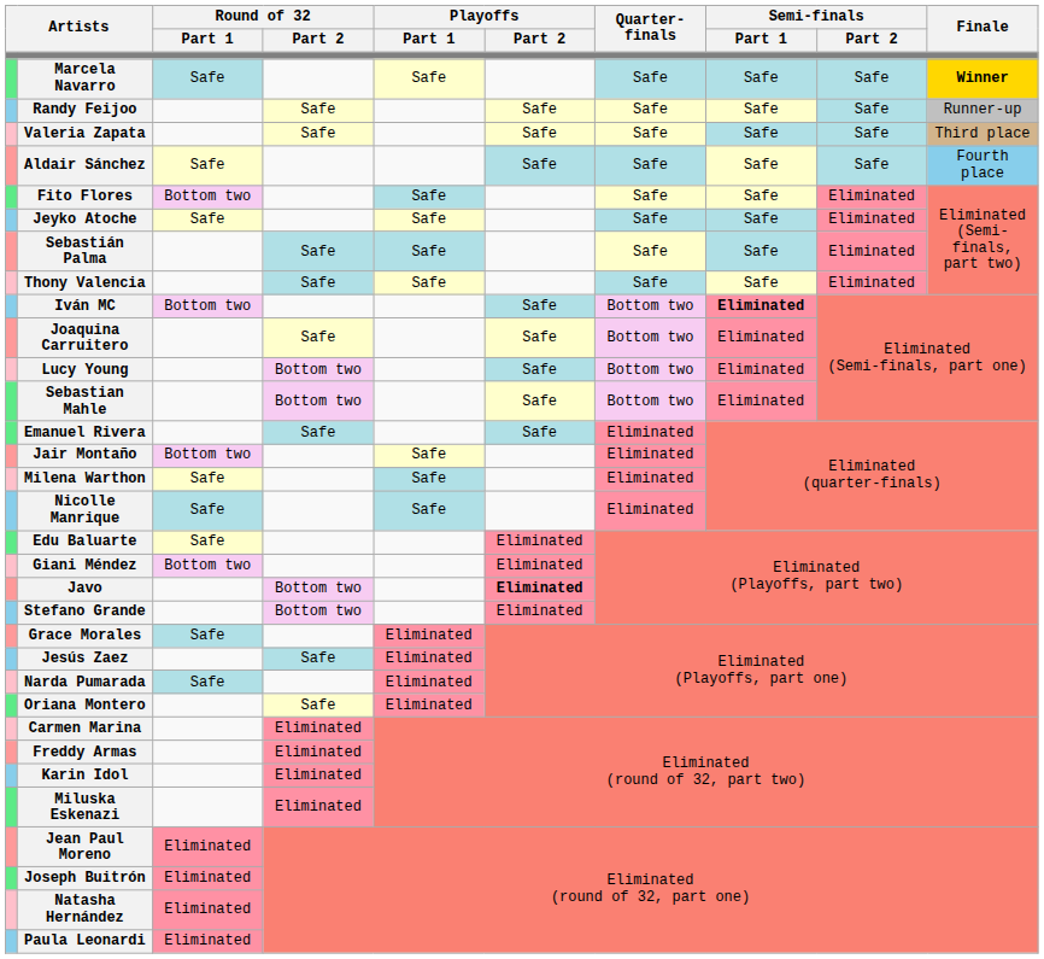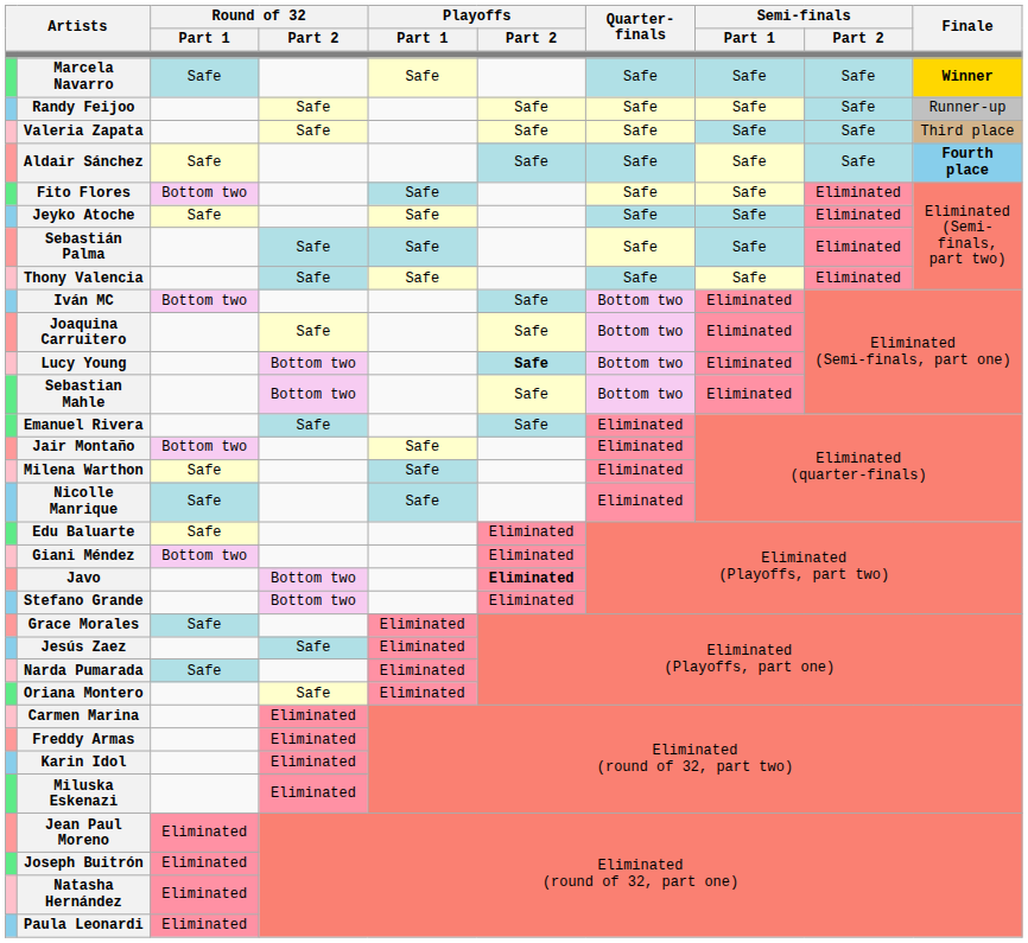 <table class="wikitable" style="text-align:center; font-size:95%; width:100%">
 <tr>
 <th rowspan="2" colspan="2">Artists</th>
 <th colspan="2" style="width:18%">Round of 32</th>
 <th colspan="2" style="width:18%">Playoffs</th>
 <th rowspan="2" style="width:09%">Quarter-finals</th>
 <th colspan="2" style="width:18%">Semi-finals</th>
 <th rowspan="2" style="width:09%">Finale</th>
 </tr>
 <tr>
 <th style="width:9%">Part 1</th>
 <th style="width:9%">Part 2</th>
 <th style="width:9%">Part 1</th>
 <th style="width:9%">Part 2</th>
 <th style="width:9%">Part 1</th>
 <th style="width:9%">Part 2</th>
 </tr>
 <tr>
 <th colspan="12" style="background:gray"></th>
 </tr>
 <tr>
 <td style="background:#5deb87"></td>
 <th>Marcela Navarro</th>
 <td bgcolor="#b0e0e6">Safe</td>
 <td></td>
 <td bgcolor="#ffffcc">Safe</td>
 <td></td>
 <td bgcolor="#b0e0e6">Safe</td>
 <td bgcolor="#b0e0e6">Safe</td>
 <td bgcolor="#b0e0e6">Safe</td>
 <td bgcolor="gold"><strong>Winner</strong></td>
 </tr>
 <tr>
 <td style="background:#87ceeb"></td>
 <th>Randy Feijoo</th>
 <td></td>
 <td bgcolor="#ffffcc">Safe</td>
 <td></td>
 <td bgcolor="#ffffcc">Safe</td>
 <td bgcolor="#ffffcc">Safe</td>
 <td bgcolor="#ffffcc">Safe</td>
 <td bgcolor="#b0e0e6">Safe</td>
 <td bgcolor="Silver">Runner-up</td>
 </tr>
 <tr>
 <td style="background:pink"></td>
 <th>Valeria Zapata</th>
 <td></td>
 <td bgcolor="#ffffcc">Safe</td>
 <td></td>
 <td bgcolor="#ffffcc">Safe</td>
 <td bgcolor="#ffffcc">Safe</td>
 <td bgcolor="#b0e0e6">Safe</td>
 <td bgcolor="#b0e0e6">Safe</td>
 <td bgcolor="Tan">Third place</td>
 </tr>
 <tr>
 <td style="background:#ff9999"></td>
 <th>Aldair Sánchez</th>
 <td bgcolor="#ffffcc">Safe</td>
 <td></td>
 <td></td>
 <td bgcolor="#b0e0e6">Safe</td>
 <td bgcolor="#b0e0e6">Safe</td>
 <td bgcolor="#ffffcc">Safe</td>
 <td bgcolor="#b0e0e6">Safe</td>
-<td bgcolor="skyblue">Fourth place</td>
+<td bgcolor="skyblue"><strong>Fourth place</strong></td>
 </tr>
 <tr>
 <td style="background:#5deb87"></td>
 <th>Fito Flores</th>
 <td bgcolor="#f7ccf2">Bottom two</td>
 <td></td>
 <td bgcolor="#b0e0e6">Safe</td>
 <td></td>
 <td bgcolor="#ffffcc">Safe</td>
 <td bgcolor="#ffffcc">Safe</td>
 <td bgcolor="#FF91A4">Eliminated</td>
 <td rowspan="4" style="background: salmon">Eliminated<br>(Semi-finals, part two)</td>
 </tr>
 <tr>
 <td style="background:#87ceeb"></td>
 <th>Jeyko Atoche</th>
 <td bgcolor="#ffffcc">Safe</td>
 <td></td>
 <td bgcolor="#ffffcc">Safe</td>
 <td></td>
 <td bgcolor="#b0e0e6">Safe</td>
 <td bgcolor="#b0e0e6">Safe</td>
 <td bgcolor="#FF91A4">Eliminated</td>
 </tr>
 <tr>
 <td style="background:#ff9999"></td>
 <th>Sebastián Palma</th>
 <td></td>
 <td bgcolor="#b0e0e6">Safe</td>
 <td bgcolor="#b0e0e6">Safe</td>
 <td></td>
 <td bgcolor="#ffffcc">Safe</td>
 <td bgcolor="#b0e0e6">Safe</td>
 <td bgcolor="#FF91A4">Eliminated</td>
 </tr>
 <tr>
 <td style="background:pink"></td>
 <th>Thony Valencia</th>
 <td></td>
 <td bgcolor="#b0e0e6">Safe</td>
 <td bgcolor="#ffffcc">Safe</td>
 <td></td>
 <td bgcolor="#b0e0e6">Safe</td>
 <td bgcolor="#ffffcc">Safe</td>
 <td bgcolor="#FF91A4">Eliminated</td>
 </tr>
 <tr>
 <td style="background:#87ceeb"></td>
 <th>Iván MC</th>
 <td bgcolor="#f7ccf2">Bottom two</td>
 <td></td>
 <td></td>
 <td bgcolor="#b0e0e6">Safe</td>
 <td bgcolor="#f7ccf2">Bottom two</td>
-<td bgcolor="#FF91A4"><strong>Eliminated</strong></td>
+<td bgcolor="#FF91A4">Eliminated</td>
 <td rowspan="4" colspan="4" style="background: salmon">Eliminated<br>(Semi-finals, part one)</td>
 </tr>
 <tr>
 <td style="background:#ff9999"></td>
 <th>Joaquina Carruitero</th>
 <td></td>
 <td bgcolor="#ffffcc">Safe</td>
 <td></td>
 <td bgcolor="#ffffcc">Safe</td>
 <td bgcolor="#f7ccf2">Bottom two</td>
 <td bgcolor="#FF91A4">Eliminated</td>
 </tr>
 <tr>
 <td style="background:pink"></td>
 <th>Lucy Young</th>
 <td></td>
 <td bgcolor="#f7ccf2">Bottom two</td>
 <td></td>
-<td bgcolor="#b0e0e6">Safe</td>
+<td bgcolor="#b0e0e6"><strong>Safe</strong></td>
 <td bgcolor="#f7ccf2">Bottom two</td>
 <td bgcolor="#FF91A4">Eliminated</td>
 </tr>
 <tr>
 <td style="background:#5deb87"></td>
 <th>Sebastian Mahle</th>
 <td></td>
 <td bgcolor="#f7ccf2">Bottom two</td>
 <td></td>
 <td bgcolor="#ffffcc">Safe</td>
 <td bgcolor="#f7ccf2">Bottom two</td>
 <td bgcolor="#FF91A4">Eliminated</td>
 </tr>
 <tr>
 <td style="background:#5deb87"></td>
 <th>Emanuel Rivera</th>
 <td></td>
 <td bgcolor="#b0e0e6">Safe</td>
 <td></td>
 <td bgcolor="#b0e0e6">Safe</td>
 <td bgcolor="#FF91A4">Eliminated</td>
 <td rowspan="4" colspan="8" style="background: salmon">Eliminated<br>(quarter-finals)</td>
 </tr>
 <tr>
 <td style="background:#ff9999"></td>
 <th>Jair Montaño</th>
 <td bgcolor="#f7ccf2">Bottom two</td>
 <td></td>
 <td bgcolor="#ffffcc">Safe</td>
 <td></td>
 <td bgcolor="#FF91A4">Eliminated</td>
 </tr>
 <tr>
 <td style="background:pink"></td>
 <th>Milena Warthon</th>
 <td bgcolor="#ffffcc">Safe</td>
 <td></td>
 <td bgcolor="#b0e0e6">Safe</td>
 <td></td>
 <td bgcolor="#FF91A4">Eliminated</td>
 </tr>
 <tr>
 <td style="background:#87ceeb"></td>
 <th>Nicolle Manrique</th>
 <td bgcolor="#b0e0e6">Safe</td>
 <td></td>
 <td bgcolor="#b0e0e6">Safe</td>
 <td></td>
 <td bgcolor="#FF91A4">Eliminated</td>
 </tr>
 <tr>
 <td style="background:#5deb87"></td>
 <th>Edu Baluarte</th>
 <td bgcolor="#ffffcc">Safe</td>
 <td></td>
 <td></td>
 <td bgcolor="#FF91A4">Eliminated</td>
 <td rowspan="4" colspan="8" style="background: salmon">Eliminated<br>(Playoffs, part two)</td>
 </tr>
 <tr>
 <td style="background:pink"></td>
 <th>Giani Méndez</th>
 <td bgcolor="#f7ccf2">Bottom two</td>
 <td></td>
 <td></td>
 <td bgcolor="#FF91A4">Eliminated</td>
 </tr>
 <tr>
 <td style="background:#ff9999"></td>
 <th>Javo</th>
 <td></td>
 <td bgcolor="#f7ccf2">Bottom two</td>
 <td></td>
 <td bgcolor="#FF91A4"><strong>Eliminated</strong></td>
 </tr>
 <tr>
 <td style="background:#87ceeb"></td>
 <th>Stefano Grande</th>
 <td></td>
 <td bgcolor="#f7ccf2">Bottom two</td>
 <td></td>
 <td bgcolor="#FF91A4">Eliminated</td>
 </tr>
 <tr>
 <td style="background:#ff9999"></td>
 <th>Grace Morales</th>
 <td bgcolor="#b0e0e6">Safe</td>
 <td></td>
 <td bgcolor="#FF91A4">Eliminated</td>
 <td rowspan="4" colspan="8" style="background: salmon">Eliminated<br>(Playoffs, part one)</td>
 </tr>
 <tr>
 <td style="background:#87ceeb"></td>
 <th>Jesús Zaez</th>
 <td></td>
 <td bgcolor="#b0e0e6">Safe</td>
 <td bgcolor="#FF91A4">Eliminated</td>
 </tr>
 <tr>
 <td style="background:pink"></td>
 <th>Narda Pumarada</th>
 <td bgcolor="#b0e0e6">Safe</td>
 <td></td>
 <td bgcolor="#FF91A4">Eliminated</td>
 </tr>
 <tr>
 <td style="background:#5deb87"></td>
 <th>Oriana Montero</th>
 <td></td>
 <td bgcolor="#ffffcc">Safe</td>
 <td bgcolor="#FF91A4">Eliminated</td>
 </tr>
 <tr>
 <td style="background:pink"></td>
 <th>Carmen Marina</th>
 <td></td>
 <td bgcolor="#FF91A4">Eliminated</td>
 <td rowspan="4" colspan="8" style="background: salmon">Eliminated<br>(round of 32, part two)</td>
 </tr>
 <tr>
 <td style="background:#ff9999; width:1%"></td>
 <th style="width:11%">Freddy Armas</th>
 <td></td>
 <td bgcolor="#FF91A4">Eliminated</td>
 </tr>
 <tr>
 <td style="background:#87ceeb"></td>
 <th>Karin Idol</th>
 <td></td>
 <td bgcolor="#FF91A4">Eliminated</td>
 </tr>
 <tr>
 <td style="background:#5deb87"></td>
 <th>Miluska Eskenazi</th>
 <td></td>
 <td bgcolor="#FF91A4">Eliminated</td>
 </tr>
 <tr>
 <td style="background:#ff9999"></td>
 <th>Jean Paul Moreno</th>
 <td bgcolor="#FF91A4">Eliminated</td>
 <td rowspan="4" colspan="8" style="background: salmon">Eliminated<br>(round of 32, part one)</td>
 </tr>
 <tr>
 <td style="background:#5deb87"></td>
 <th>Joseph Buitrón</th>
 <td bgcolor="#FF91A4">Eliminated</td>
 </tr>
 <tr>
 <td style="background:pink"></td>
 <th>Natasha Hernández</th>
 <td bgcolor="#FF91A4">Eliminated</td>
 </tr>
 <tr>
 <td style="background:#87ceeb"></td>
 <th>Paula Leonardi</th>
 <td bgcolor="#FF91A4">Eliminated</td>
 </tr>
 </table>
